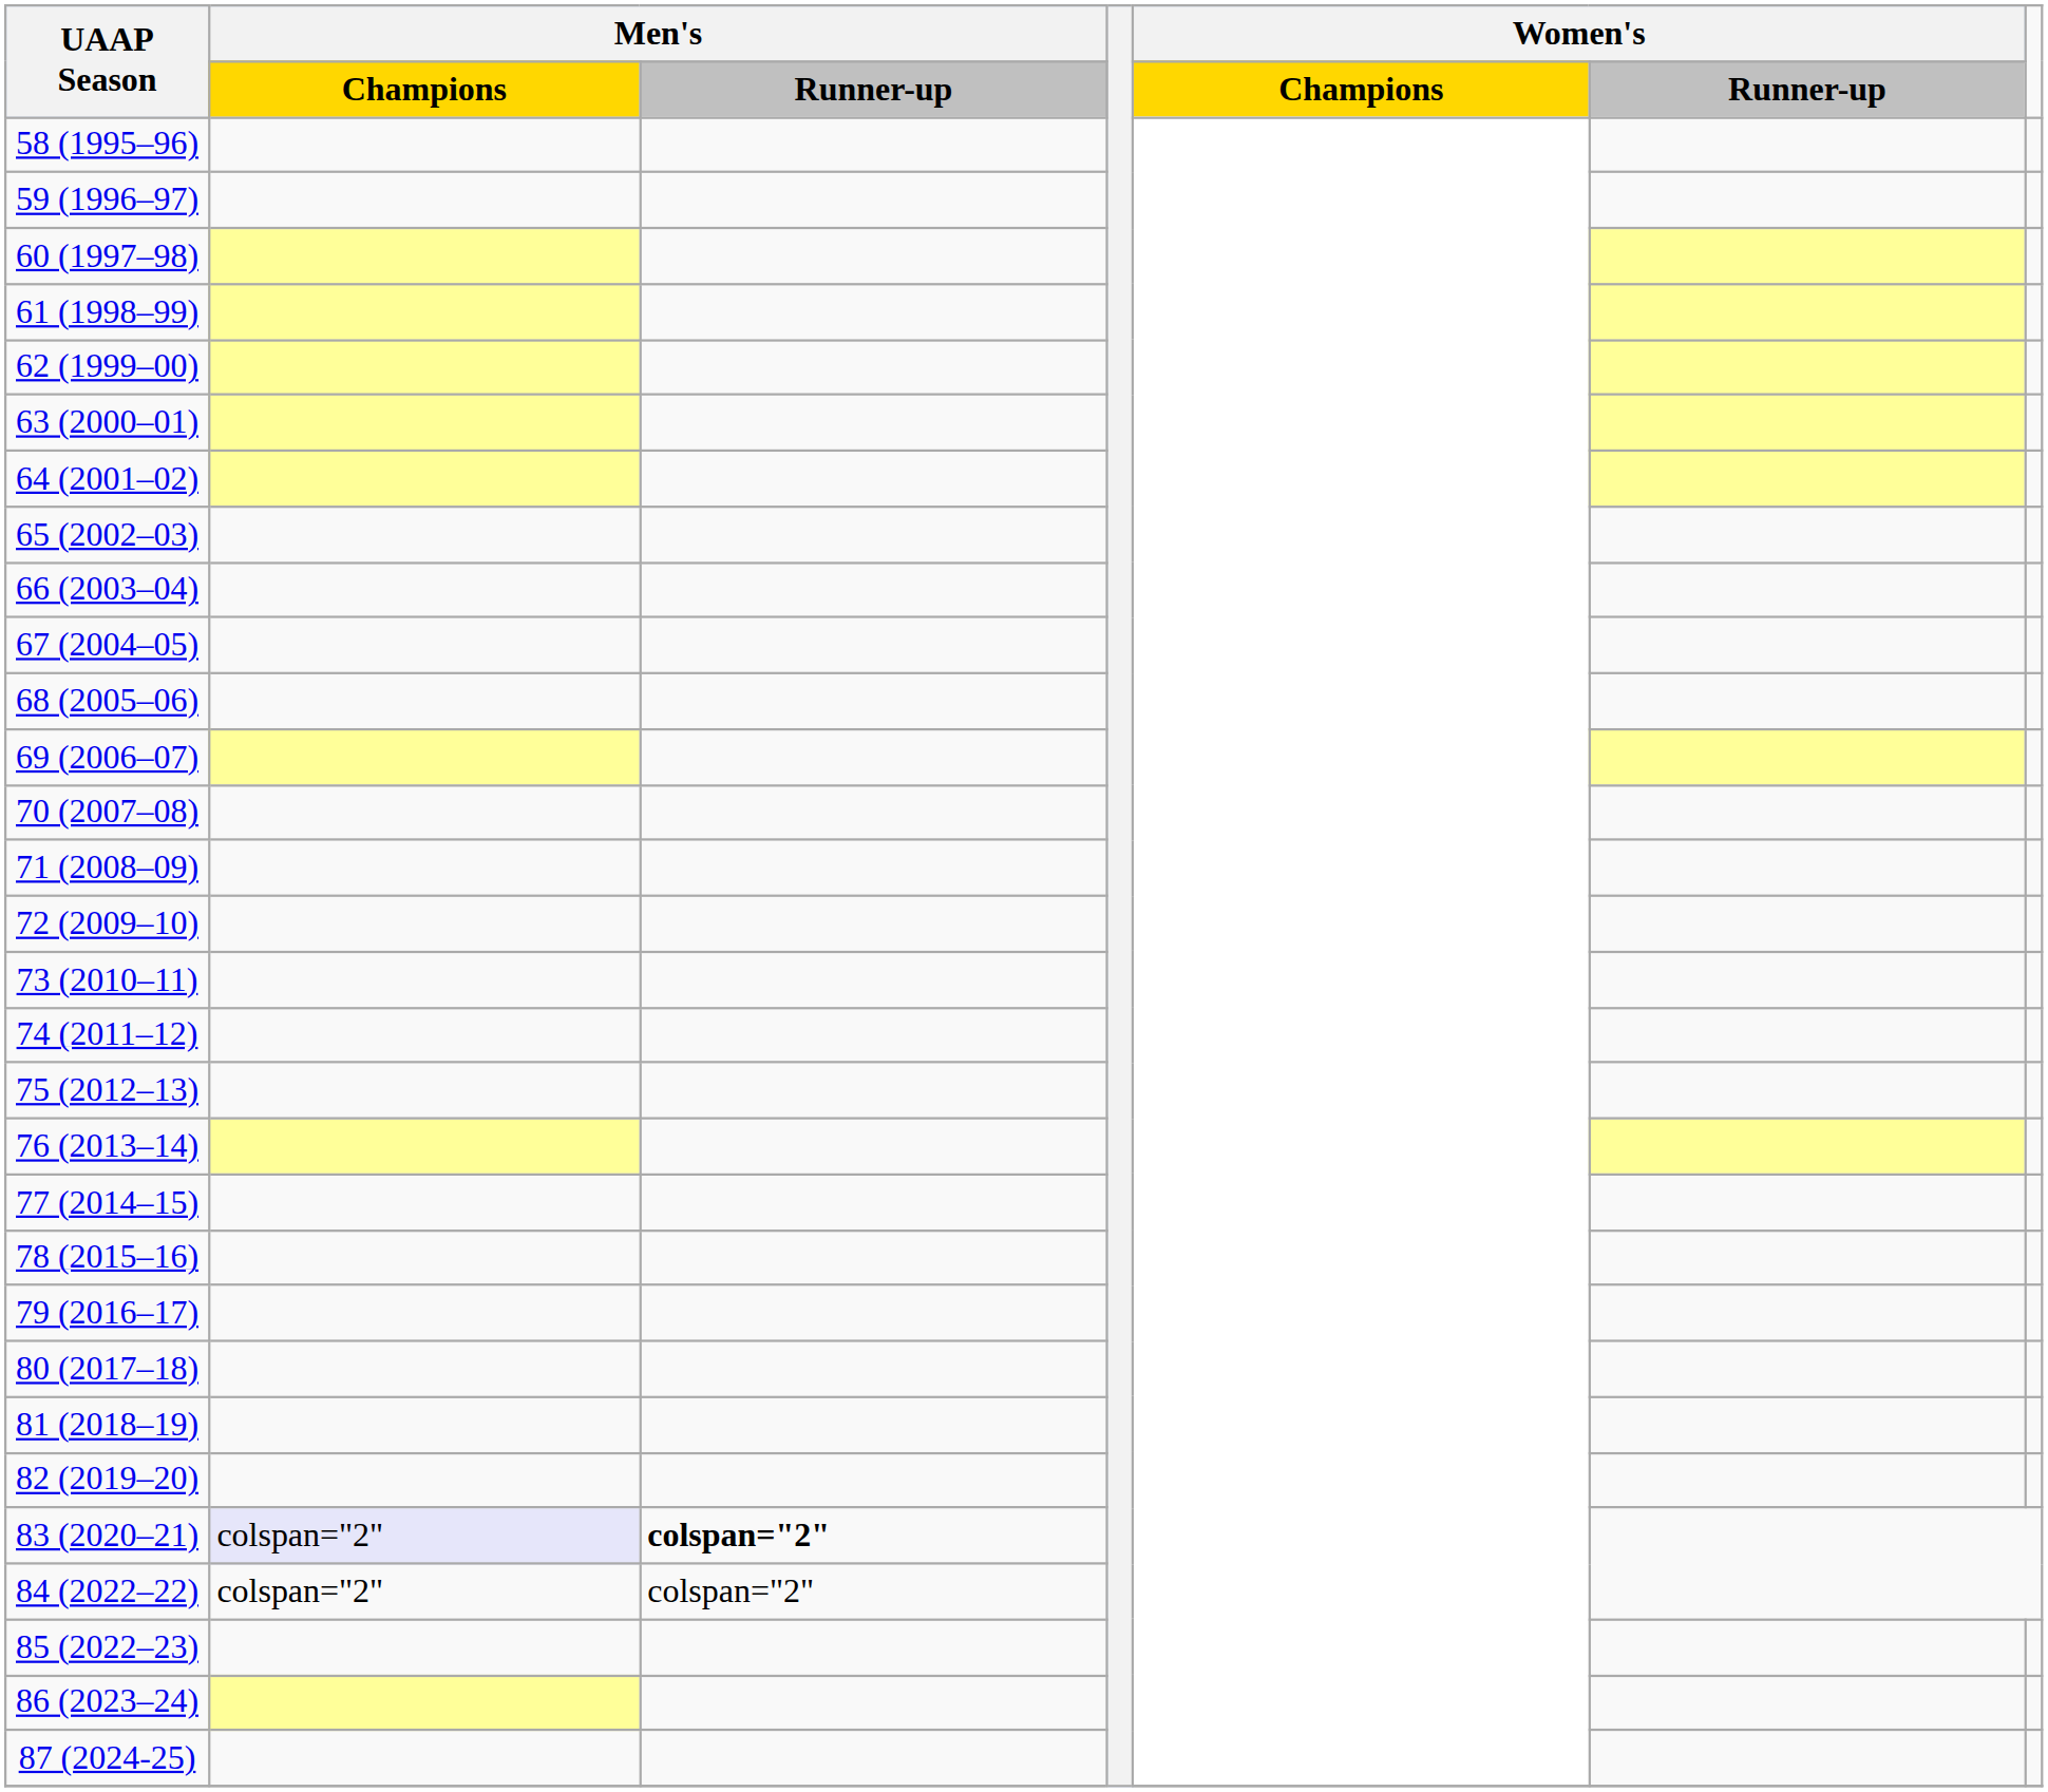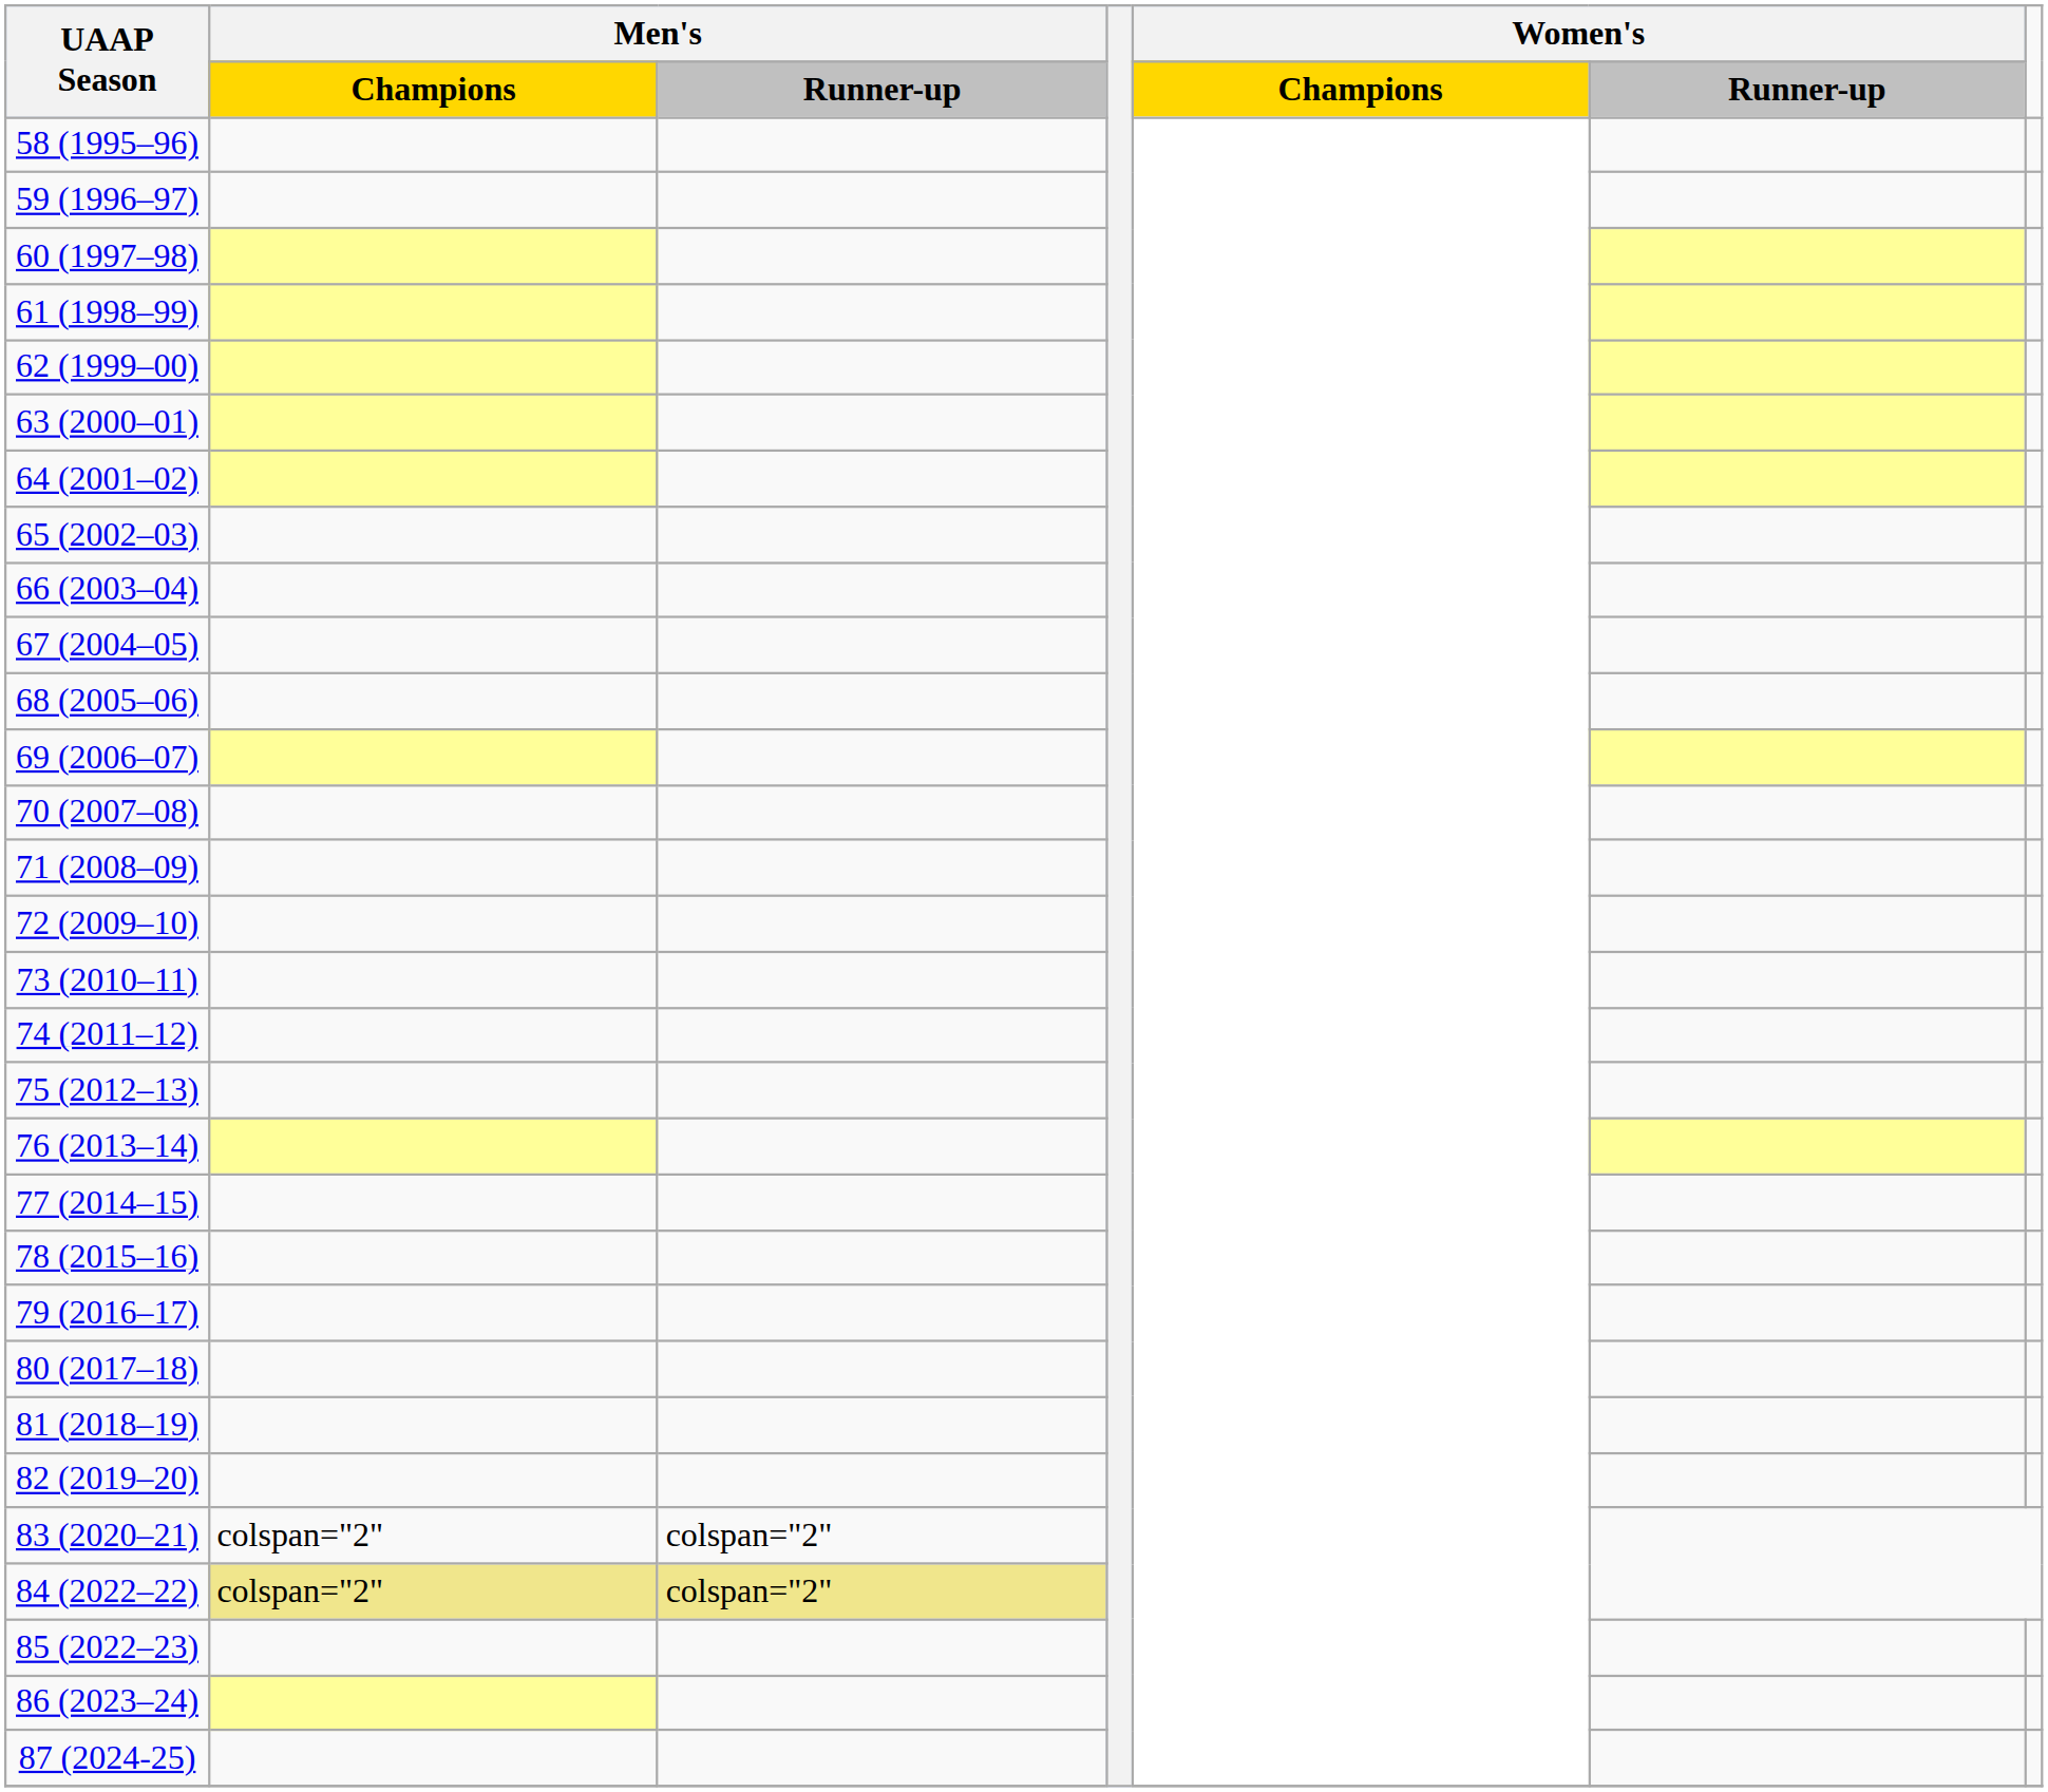 <table class="wikitable" style="font-size:90%;">
 <tr bgcolor=#c1d8ff>
 <th rowspan=2 width=10%>UAAP<br>Season</th>
 <th colspan=2 width=400px>Men's</th>
 <th width=4px bgcolor="#efefef" rowspan=34 style="border-top:none;border-bottom:none;"></th>
 <th colspan=2 width=400px>Women's</th>
 </tr>
 <tr>
 <th ! style="background:gold;">Champions</th>
 <th ! style="background:silver;">Runner-up</th>
 <th ! style="background:gold;">Champions</th>
 <th ! style="background:silver;">Runner-up</th>
 </tr>
 <tr>
 <td align=center><a href='#'>58 (1995–96)</a></td>
 <td></td>
 <td></td>
 <td style="background-color:white;" rowspan="30"></td>
 <td></td>
 <td></td>
 </tr>
 <tr>
 <td align=center><a href='#'>59 (1996–97)</a></td>
 <td></td>
 <td></td>
 <td></td>
 <td></td>
 </tr>
 <tr>
 <td align=center><a href='#'>60 (1997–98)</a></td>
 <td bgcolor=#FFFF99></td>
 <td></td>
 <td bgcolor=#FFFF99></td>
 <td></td>
 </tr>
 <tr>
 <td align=center><a href='#'>61 (1998–99)</a></td>
 <td bgcolor=#FFFF99></td>
 <td></td>
 <td bgcolor=#FFFF99></td>
 <td></td>
 </tr>
 <tr>
 <td align=center><a href='#'>62 (1999–00)</a></td>
 <td bgcolor=#FFFF99></td>
 <td></td>
 <td bgcolor=#FFFF99></td>
 <td></td>
 </tr>
 <tr>
 <td align=center><a href='#'>63 (2000–01)</a></td>
 <td bgcolor=#FFFF99></td>
 <td></td>
 <td bgcolor=#FFFF99></td>
 <td></td>
 </tr>
 <tr>
 <td align=center><a href='#'>64 (2001–02)</a></td>
 <td bgcolor=#FFFF99></td>
 <td></td>
 <td bgcolor=#FFFF99></td>
 <td></td>
 </tr>
 <tr>
 <td align=center><a href='#'>65 (2002–03)</a></td>
 <td></td>
 <td></td>
 <td></td>
 <td></td>
 </tr>
 <tr>
 <td align=center><a href='#'>66 (2003–04)</a></td>
 <td></td>
 <td></td>
 <td></td>
 <td></td>
 </tr>
 <tr>
 <td align=center><a href='#'>67 (2004–05)</a></td>
 <td></td>
 <td></td>
 <td></td>
 <td></td>
 </tr>
 <tr>
 <td align=center><a href='#'>68 (2005–06)</a></td>
 <td></td>
 <td></td>
 <td></td>
 <td></td>
 </tr>
 <tr>
 <td align=center><a href='#'>69 (2006–07)</a></td>
 <td bgcolor=#FFFF99></td>
 <td></td>
 <td bgcolor=#FFFF99></td>
 <td></td>
 </tr>
 <tr>
 <td align=center><a href='#'>70 (2007–08)</a></td>
 <td></td>
 <td></td>
 <td></td>
 <td></td>
 </tr>
 <tr>
 <td align=center><a href='#'>71 (2008–09)</a></td>
 <td></td>
 <td></td>
 <td></td>
 <td></td>
 </tr>
 <tr>
 <td align=center><a href='#'>72 (2009–10)</a></td>
 <td></td>
 <td></td>
 <td></td>
 <td></td>
 </tr>
 <tr>
 <td align=center><a href='#'>73 (2010–11)</a></td>
 <td></td>
 <td></td>
 <td></td>
 <td></td>
 </tr>
 <tr>
 <td align=center><a href='#'>74 (2011–12)</a></td>
 <td></td>
 <td></td>
 <td></td>
 <td></td>
 </tr>
 <tr>
 <td align=center><a href='#'>75 (2012–13)</a></td>
 <td><br></td>
 <td></td>
 <td></td>
 <td></td>
 </tr>
 <tr>
 <td align=center><a href='#'>76 (2013–14)</a></td>
 <td bgcolor=#FFFF99></td>
 <td></td>
 <td bgcolor=#FFFF99></td>
 <td></td>
 </tr>
 <tr>
 <td align=center><a href='#'>77 (2014–15)</a></td>
 <td></td>
 <td></td>
 <td></td>
 <td></td>
 </tr>
 <tr>
 <td align=center><a href='#'>78 (2015–16)</a></td>
 <td></td>
 <td></td>
 <td></td>
 <td></td>
 </tr>
 <tr>
 <td align=center><a href='#'>79 (2016–17)</a></td>
 <td></td>
 <td></td>
 <td></td>
 <td></td>
 </tr>
 <tr>
 <td align=center><a href='#'>80 (2017–18)</a></td>
 <td></td>
 <td></td>
 <td></td>
 <td></td>
 </tr>
 <tr>
 <td align=center><a href='#'>81 (2018–19)</a></td>
 <td></td>
 <td></td>
 <td></td>
 <td></td>
 </tr>
 <tr>
 <td align=center><a href='#'>82 (2019–20)</a></td>
 <td></td>
 <td></td>
 <td></td>
 <td></td>
 </tr>
 <tr>
 <td align=center><a href='#'>83 (2020–21)</a></td>
-<td style="background: lavender;">colspan="2" </td>
-<td><strong>colspan="2" </strong></td>
+<td>colspan="2" </td>
+<td>colspan="2" </td>
 </tr>
 <tr>
 <td align=center><a href='#'>84 (2022–22)</a></td>
-<td>colspan="2" </td>
-<td>colspan="2" </td>
+<td style="background: khaki;">colspan="2" </td>
+<td style="background: khaki;">colspan="2" </td>
 </tr>
 <tr>
 <td align=center><a href='#'>85 (2022–23)</a></td>
 <td></td>
 <td></td>
 <td></td>
 <td></td>
 </tr>
 <tr>
 <td align=center><a href='#'>86 (2023–24)</a></td>
 <td bgcolor=#FFFF99></td>
 <td></td>
 <td></td>
 <td></td>
 </tr>
 <tr>
 <td align=center><a href='#'>87 (2024-25)</a></td>
 <td></td>
 <td></td>
 <td></td>
 <td></td>
 </tr>
 <tr>
 </tr>
 </table>
